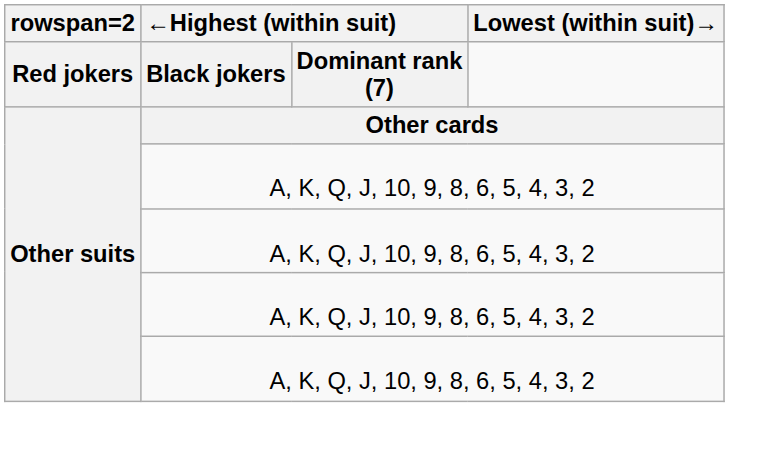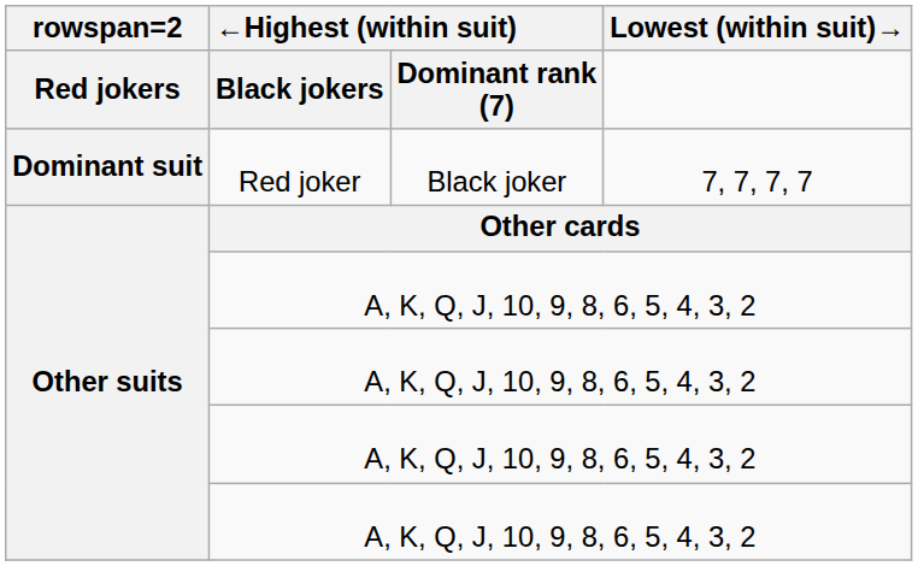 <table class="wikitable" style="font-size:100%;text-align:center;">
 <tr>
 <th>rowspan=2 </th>
 <th colspan=2 style="text-align:left;">←Highest (within suit)</th>
 <th colspan=1 style="text-align:right;">Lowest (within suit)→</th>
 </tr>
 <tr>
 <th>Red jokers</th>
 <th>Black jokers</th>
 <th>Dominant rank<br>(7)</th>
+</tr>
+<tr>
+<th>Dominant suit</th>
+<td><br>Red joker</td>
+<td><br>Black joker</td>
+<td><br>7, 7, 7, 7</td>
 </tr>
 <tr>
 <th rowspan=5>Other suits</th>
 <th colspan=3>Other cards</th>
 </tr>
 <tr>
 <td colspan="3"><br>A, K, Q, J, 10, 9, 8, 6, 5, 4, 3, 2</td>
 </tr>
 <tr>
 <td colspan="3"><br>A, K, Q, J, 10, 9, 8, 6, 5, 4, 3, 2</td>
 </tr>
 <tr>
 <td colspan=3><br>A, K, Q, J, 10, 9, 8, 6, 5, 4, 3, 2</td>
 </tr>
 <tr>
 <td colspan=3><br>A, K, Q, J, 10, 9, 8, 6, 5, 4, 3, 2</td>
 </tr>
 </table>
